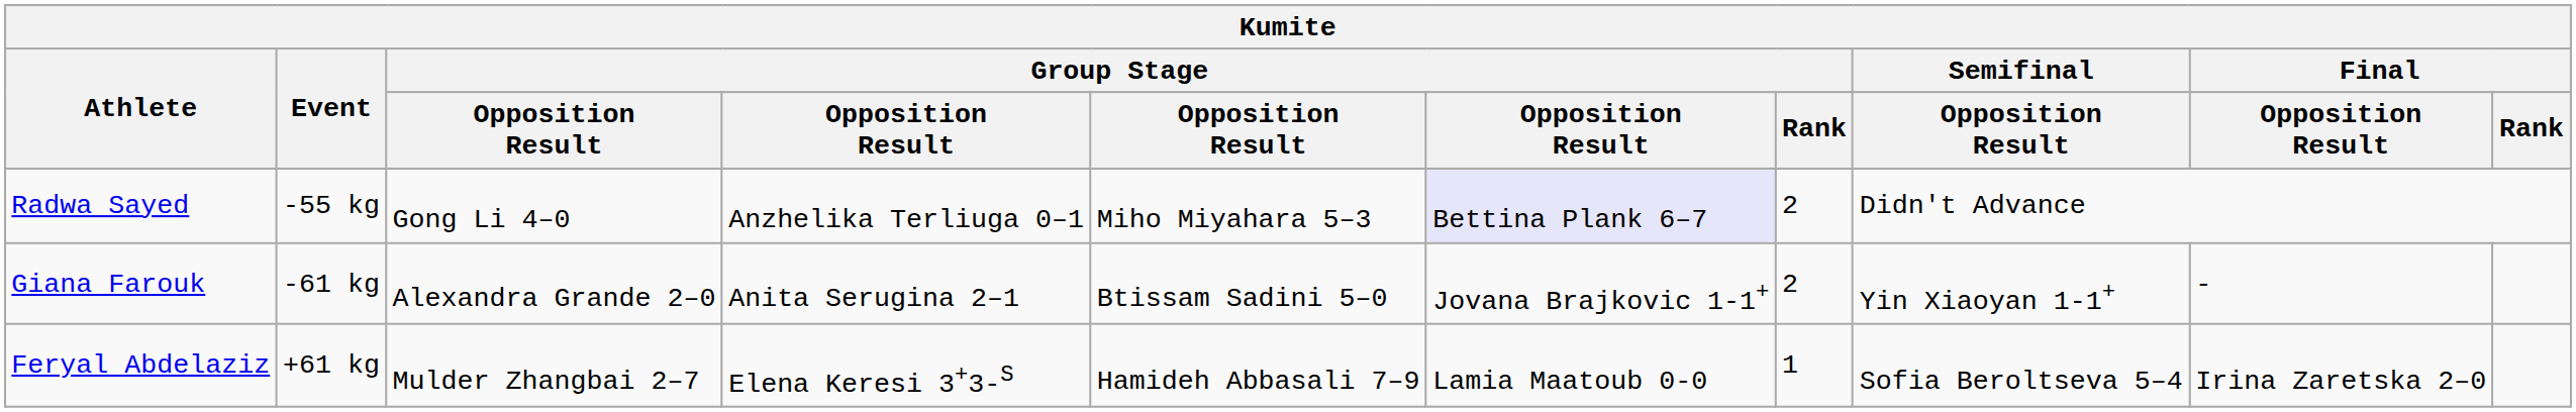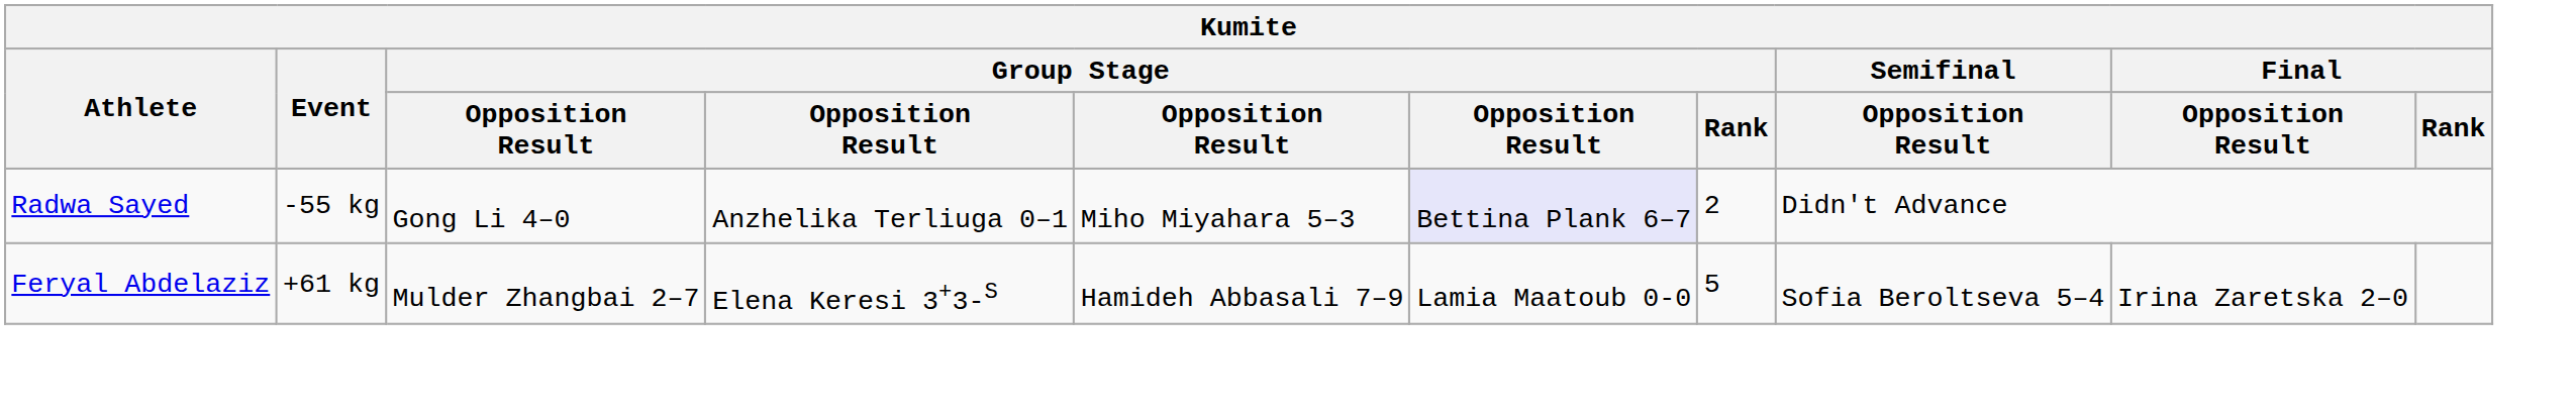 <table class="wikitable">
 <tr>
 <th colspan="10">Kumite</th>
 </tr>
 <tr>
 <th rowspan="2">Athlete</th>
 <th rowspan="2">Event</th>
 <th colspan="5">Group Stage</th>
 <th>Semifinal</th>
 <th colspan="2">Final</th>
 </tr>
 <tr>
 <th>Opposition<br>Result</th>
 <th>Opposition<br>Result</th>
 <th>Opposition<br>Result</th>
 <th>Opposition<br>Result</th>
 <th>Rank</th>
 <th>Opposition<br>Result</th>
 <th>Opposition<br>Result</th>
 <th>Rank</th>
 </tr>
 <tr>
 <td><a href='#'>Radwa Sayed</a></td>
 <td>-55 kg</td>
 <td><br>Gong Li 4–0</td>
 <td><br>Anzhelika Terliuga 0–1</td>
 <td><br>Miho Miyahara 5–3</td>
 <td style="background: lavender;"><br>Bettina Plank 6–7</td>
 <td>2</td>
 <td colspan="3">Didn't Advance</td>
 </tr>
 <tr>
-<td><a href='#'>Giana Farouk</a></td>
-<td>-61 kg</td>
-<td><br>Alexandra Grande 2–0</td>
-<td><br>Anita Serugina 2–1</td>
-<td><br>Btissam Sadini 5–0</td>
-<td><br>Jovana Brajkovic 1-1<sup>+</sup></td>
-<td>2</td>
-<td><br>Yin Xiaoyan 1-1<sup>+</sup></td>
-<td>-</td>
-<td></td>
-</tr>
-<tr>
 <td><a href='#'>Feryal Abdelaziz</a></td>
 <td>+61 kg</td>
 <td><br>Mulder Zhangbai 2–7</td>
 <td><br>Elena Keresi 3<sup>+</sup>3-<sup>S</sup></td>
 <td><br>Hamideh Abbasali 7–9</td>
 <td><br>Lamia Maatoub 0-0</td>
-<td>1</td>
+<td>5</td>
 <td><br>Sofia Beroltseva 5–4</td>
 <td><br>Irina Zaretska  2–0</td>
 <td></td>
 </tr>
 </table>
